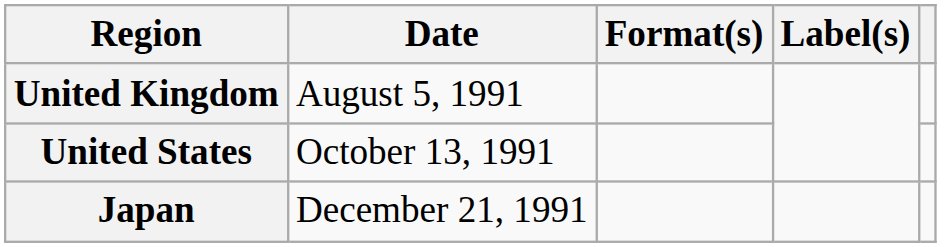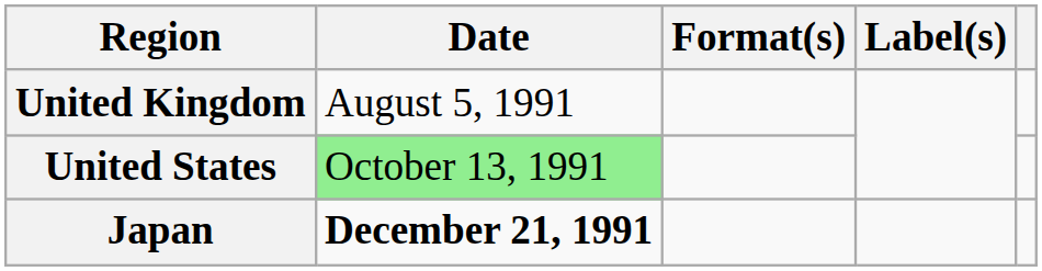 <table class="wikitable plainrowheaders">
 <tr>
 <th scope="col">Region</th>
 <th scope="col">Date</th>
 <th scope="col">Format(s)</th>
 <th scope="col">Label(s)</th>
 <th scope="col"></th>
 </tr>
 <tr>
 <th scope="row">United Kingdom</th>
 <td>August 5, 1991</td>
 <td></td>
 <td rowspan="2"></td>
 <td align="center"></td>
 </tr>
 <tr>
 <th scope="row">United States</th>
-<td>October 13, 1991</td>
+<td style="background: lightgreen;">October 13, 1991</td>
 <td></td>
 <td align="center"></td>
 </tr>
 <tr>
 <th scope="row">Japan</th>
-<td>December 21, 1991</td>
+<td><strong>December 21, 1991</strong></td>
 <td></td>
 <td></td>
 <td align="center"></td>
 </tr>
 </table>
